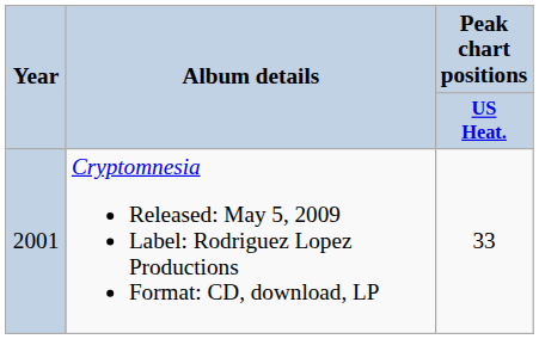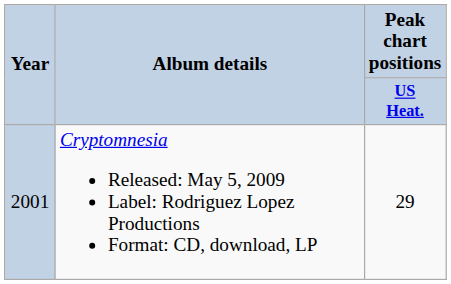 <table class ="wikitable">
 <tr>
 <th rowspan="2" width="35" style="background: #c2d2e5">Year</th>
 <th rowspan="2" width="250" style="background: #c2d2e5">Album details</th>
 <th colspan="1" style="background: #c2d2e5">Peak chart positions</th>
 </tr>
 <tr>
 <th style="width:3em;font-size:85%;background: #c2d2e5"><a href='#'>US<br>Heat.</a><br></th>
 </tr>
 <tr>
 <td style="background: #c2d2e5; text-align: center">2001</td>
 <td><em><a href='#'>Cryptomnesia</a></em><br><ul><li>Released: May 5, 2009</li><li>Label: Rodriguez Lopez Productions</li><li>Format: CD, download, LP</li></ul></td>
-<td align="center">33</td>
+<td align="center">29</td>
 </tr>
 </table>
